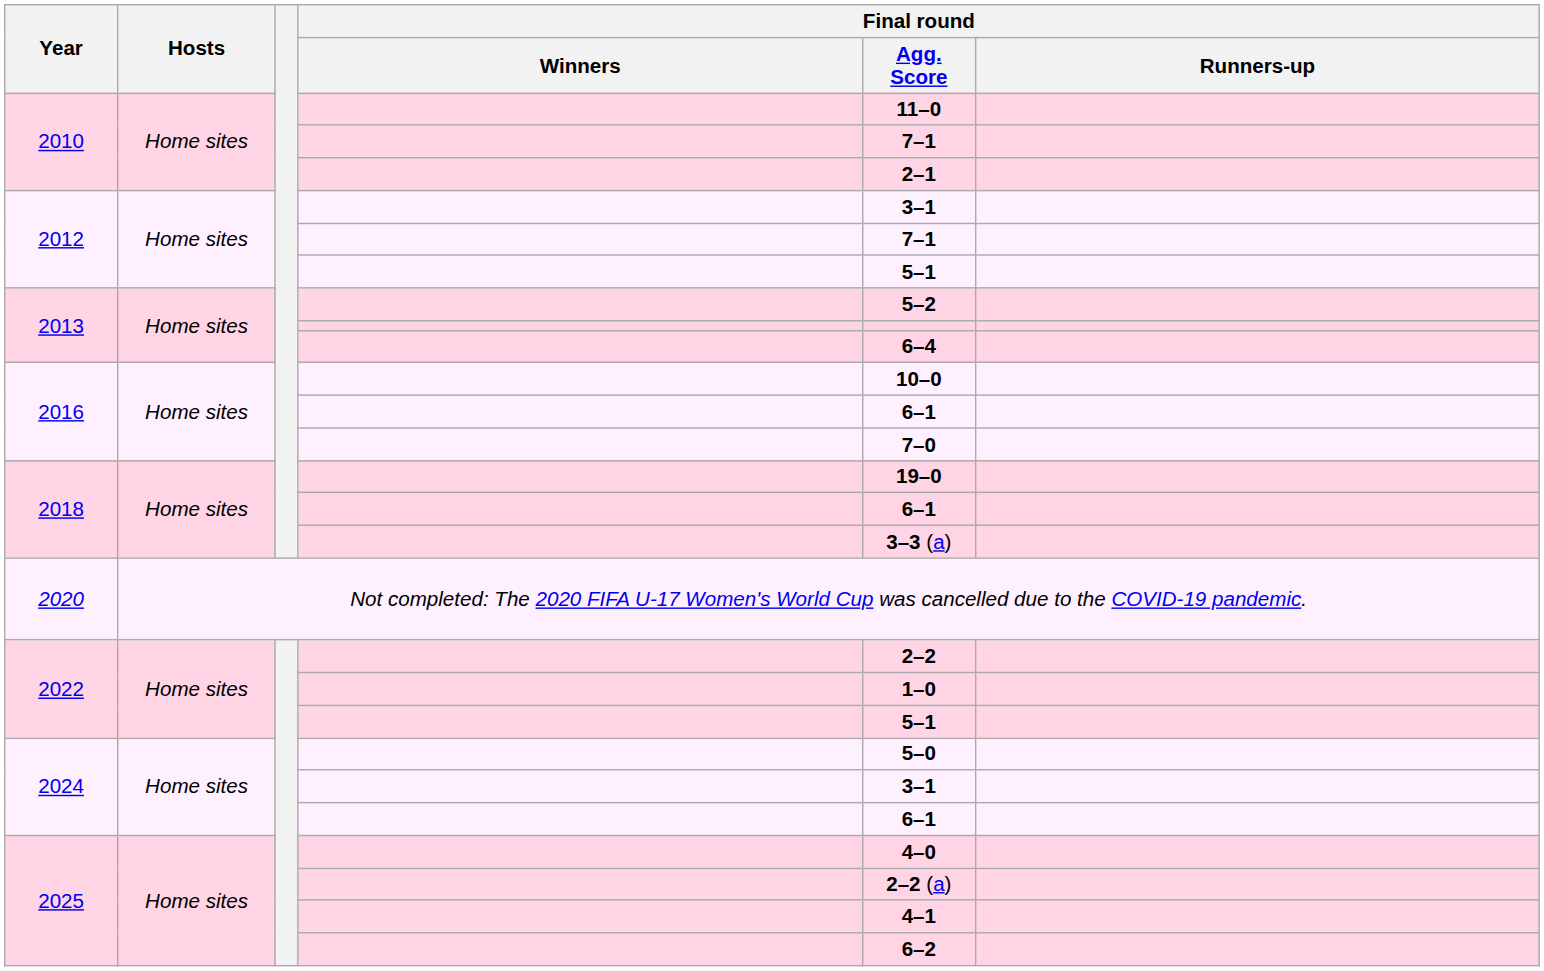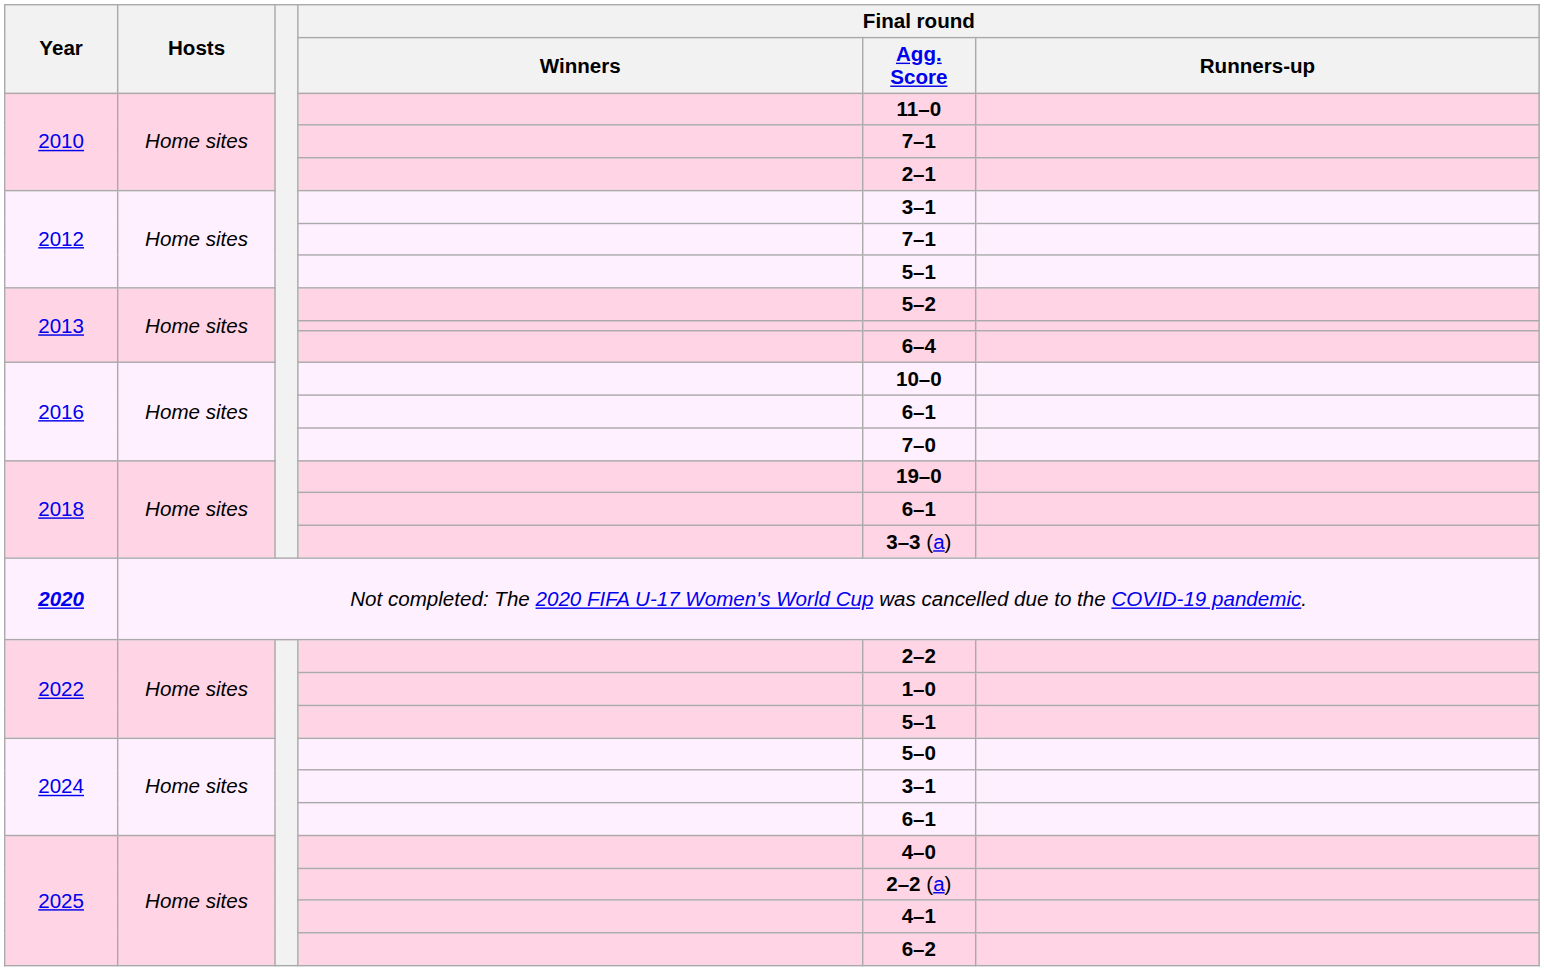 <table class="wikitable" style="font-size:90%; text-align: center; width:85%">
 <tr>
 <th width="5%" rowspan=2>Year</th>
 <th width="7%" rowspan=2>Hosts</th>
 <th width=1% rowspan=17></th>
 <th colspan=3>Final round</th>
 </tr>
 <tr>
 <th width="25%">Winners</th>
 <th width="5%"><a href='#'>Agg. Score</a></th>
 <th width="25%">Runners-up</th>
 </tr>
 <tr align="center" bgcolor="#FFD4E4">
 <td rowspan=3><a href='#'>2010</a></td>
 <td rowspan=3> <em>Home sites</em></td>
 <td><strong></strong></td>
 <td><strong>11–0</strong></td>
 <td></td>
 </tr>
 <tr bgcolor="#FFD4E4">
 <td><strong></strong></td>
 <td><strong>7–1</strong></td>
 <td></td>
 </tr>
 <tr bgcolor="#FFD4E4">
 <td><strong></strong></td>
 <td><strong>2–1</strong></td>
 <td></td>
 </tr>
 <tr align="center" bgcolor="#fff0ff">
 <td rowspan=3><a href='#'>2012</a></td>
 <td rowspan=3> <em>Home sites</em></td>
 <td><strong></strong></td>
 <td><strong>3–1</strong></td>
 <td></td>
 </tr>
 <tr bgcolor="#fff0ff">
 <td><strong></strong></td>
 <td><strong>7–1</strong></td>
 <td></td>
 </tr>
 <tr bgcolor="#fff0ff">
 <td><strong></strong></td>
 <td><strong>5–1</strong></td>
 <td></td>
 </tr>
 <tr align="center" bgcolor="#FFD4E4">
 <td rowspan=3><a href='#'>2013</a></td>
 <td rowspan=3> <em>Home sites</em></td>
 <td><strong></strong></td>
 <td><strong>5–2</strong></td>
 <td></td>
 </tr>
 <tr bgcolor="#FFD4E4">
 <td><strong></strong></td>
 <td></td>
 <td></td>
 </tr>
 <tr bgcolor="#FFD4E4">
 <td><strong></strong></td>
 <td><strong>6–4</strong></td>
 <td></td>
 </tr>
 <tr align="center" bgcolor="#fff0ff">
 <td rowspan=3><a href='#'>2016</a></td>
 <td rowspan=3> <em>Home sites</em></td>
 <td><strong></strong></td>
 <td><strong>10–0</strong></td>
 <td></td>
 </tr>
 <tr bgcolor="#fff0ff">
 <td><strong></strong></td>
 <td><strong>6–1</strong></td>
 <td></td>
 </tr>
 <tr bgcolor="#fff0ff">
 <td><strong></strong></td>
 <td><strong>7–0</strong></td>
 <td></td>
 </tr>
 <tr align="center" bgcolor="#FFD4E4">
 <td rowspan=3><a href='#'>2018</a></td>
 <td rowspan=3> <em>Home sites</em></td>
 <td><strong></strong></td>
 <td><strong>19–0</strong></td>
 <td></td>
 </tr>
 <tr bgcolor="#FFD4E4">
 <td><strong></strong></td>
 <td><strong>6–1</strong></td>
 <td></td>
 </tr>
 <tr bgcolor="#FFD4E4">
 <td><strong></strong></td>
 <td><strong>3–3</strong> (<a href='#'>a</a>)</td>
 <td></td>
 </tr>
 <tr align="center" bgcolor="#fff0ff" style="height: 4em;">
-<td><em><a href='#'>2020</a></em></td>
+<td><strong><em><a href='#'>2020</a></em></strong></td>
 <td colspan=5><em>Not completed: The <a href='#'>2020 FIFA U-17 Women's World Cup</a> was cancelled due to the <a href='#'>COVID-19 pandemic</a>.</em></td>
 </tr>
 <tr align="center" bgcolor="#FFD4E4">
 <td rowspan=3><a href='#'>2022</a></td>
 <td rowspan=3> <em>Home sites</em></td>
 <th width=1% rowspan=10></th>
 <td><strong></strong></td>
 <td><strong>2–2</strong> </td>
 <td></td>
 </tr>
 <tr bgcolor="#FFD4E4">
 <td><strong></strong></td>
 <td><strong>1–0</strong></td>
 <td></td>
 </tr>
 <tr bgcolor="#FFD4E4">
 <td><strong></strong></td>
 <td><strong>5–1</strong></td>
 <td></td>
 </tr>
 <tr align="center" bgcolor=#fff0ff>
 <td rowspan=3><a href='#'>2024</a></td>
 <td rowspan=3> <em>Home sites</em></td>
 <td><strong></strong></td>
 <td><strong>5–0</strong></td>
 <td></td>
 </tr>
 <tr bgcolor=#fff0ff>
 <td><strong></strong></td>
 <td><strong>3–1</strong></td>
 <td></td>
 </tr>
 <tr bgcolor=#fff0ff>
 <td><strong></strong></td>
 <td><strong>6–1</strong></td>
 <td></td>
 </tr>
 <tr align="center" bgcolor=#ffd4e4>
 <td rowspan=4><a href='#'>2025</a></td>
 <td rowspan=4> <em>Home sites</em></td>
 <td><strong></strong></td>
 <td><strong>4–0</strong></td>
 <td></td>
 </tr>
 <tr bgcolor=#ffd4e4>
 <td><strong></strong></td>
 <td><strong>2–2</strong> (<a href='#'>a</a>)</td>
 <td></td>
 </tr>
 <tr bgcolor=#ffd4e4>
 <td><strong></strong></td>
 <td><strong>4–1</strong></td>
 <td></td>
 </tr>
 <tr bgcolor=#ffd4e4>
 <td><strong></strong></td>
 <td><strong>6–2</strong></td>
 <td></td>
 </tr>
 </table>
